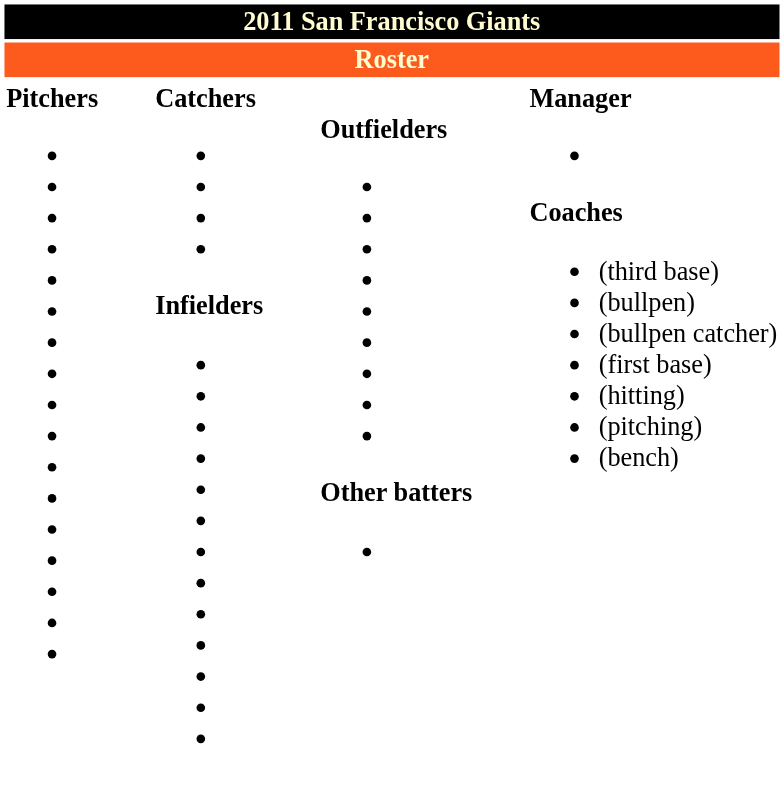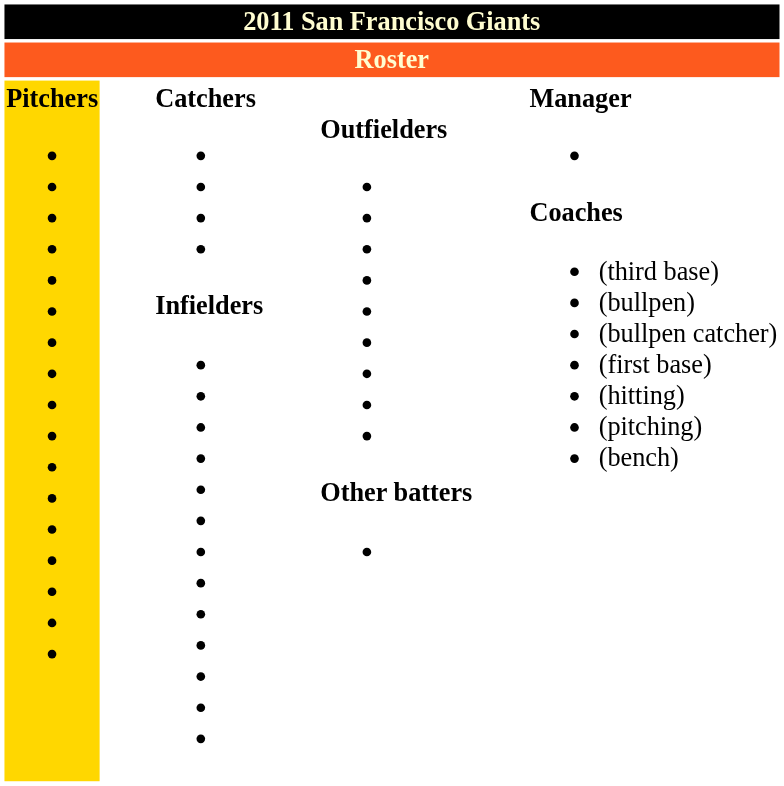 <table class="toccolours" style="font-size: 95%;">
 <tr>
 <th colspan="10" style="background:black; color:#fffdd0; text-align:center;">2011 San Francisco Giants</th>
 </tr>
 <tr>
 <td colspan="10" style="background:#fd5a1e; color:#fffdd0; text-align:center;"><strong>Roster</strong></td>
 </tr>
 <tr>
-<td valign="top"><strong>Pitchers</strong><br><ul><li></li><li></li><li></li><li></li><li></li><li></li><li></li><li></li><li></li><li></li><li></li><li></li><li></li><li></li><li></li><li></li><li></li></ul></td>
+<td valign="top" style="background: gold;"><strong>Pitchers</strong><br><ul><li></li><li></li><li></li><li></li><li></li><li></li><li></li><li></li><li></li><li></li><li></li><li></li><li></li><li></li><li></li><li></li><li></li></ul></td>
 <td style="width:25px;"></td>
 <td valign="top"><strong>Catchers</strong><br><ul><li></li><li></li><li></li><li></li></ul><strong>Infielders</strong><ul><li></li><li></li><li></li><li></li><li></li><li></li><li></li><li></li><li></li><li></li><li></li><li></li><li></li></ul></td>
 <td style="width:25px;"></td>
 <td valign="top"><br><strong>Outfielders</strong><ul><li></li><li></li><li></li><li></li><li></li><li></li><li></li><li></li><li></li></ul><strong>Other batters</strong><ul><li></li></ul></td>
 <td style="width:25px;"></td>
 <td valign="top"><strong>Manager</strong><br><ul><li></li></ul><strong>Coaches</strong><ul><li> (third base)</li><li> (bullpen)</li><li> (bullpen catcher)</li><li> (first base)</li><li> (hitting)</li><li> (pitching)</li><li> (bench)</li></ul></td>
 </tr>
 </table>
